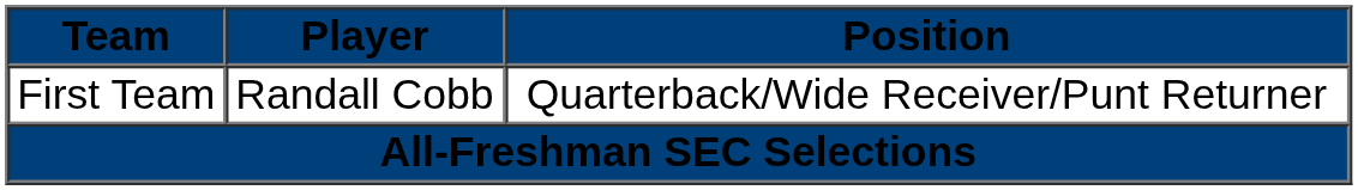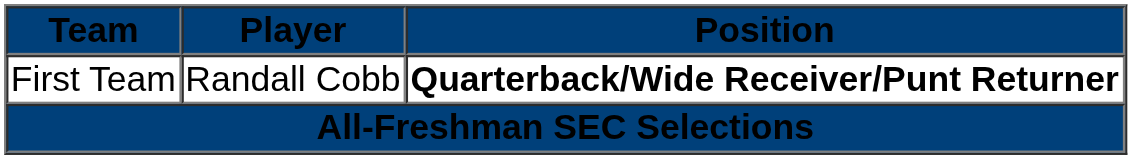 <table cellpadding="1" border="1" cellspacing="0" style="width:40%;">
 <tr>
 <th style="background:#00407a;"><span>Team</span></th>
 <th style="background:#00407a;"><span>Player</span></th>
 <th style="background:#00407a;"><span>Position</span></th>
 </tr>
 <tr style="text-align:center;">
 <td>First Team</td>
 <td>Randall Cobb</td>
-<td>Quarterback/Wide Receiver/Punt Returner</td>
+<td><strong>Quarterback/Wide Receiver/Punt Returner</strong></td>
 </tr>
 <tr style="text-align:center;">
 <td colspan="3" style="background:#00407a;"><span><strong>All-Freshman SEC Selections</strong></span></td>
 </tr>
 </table>
